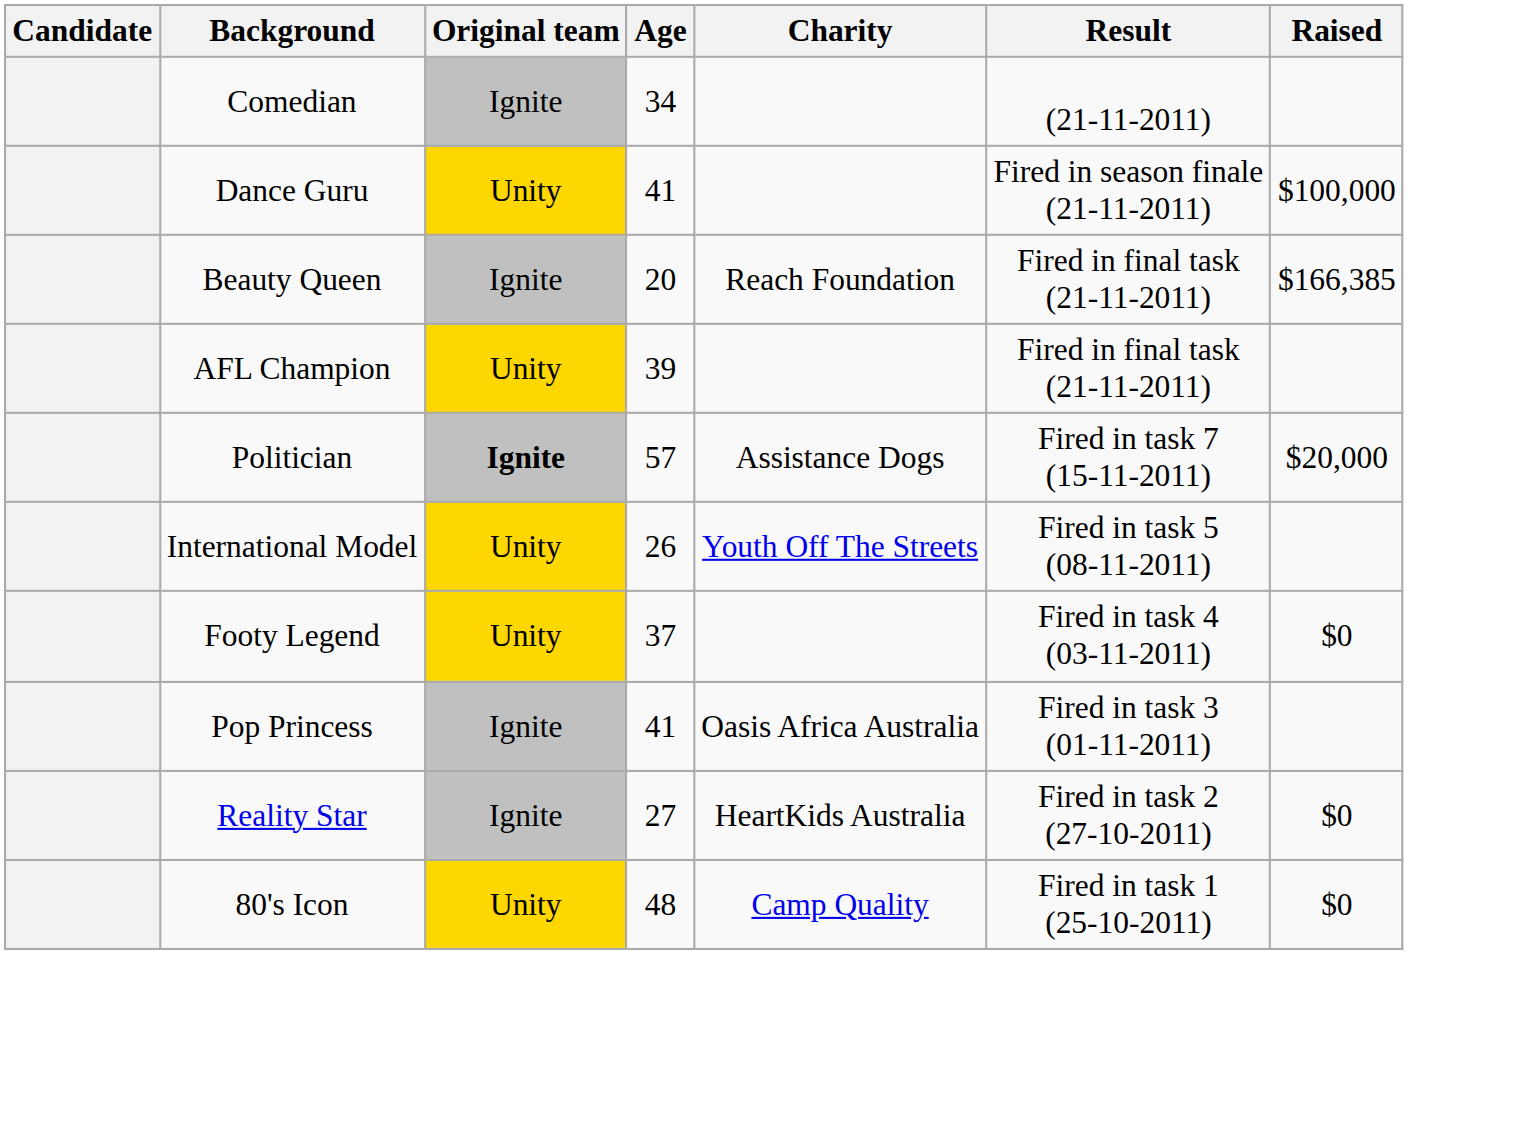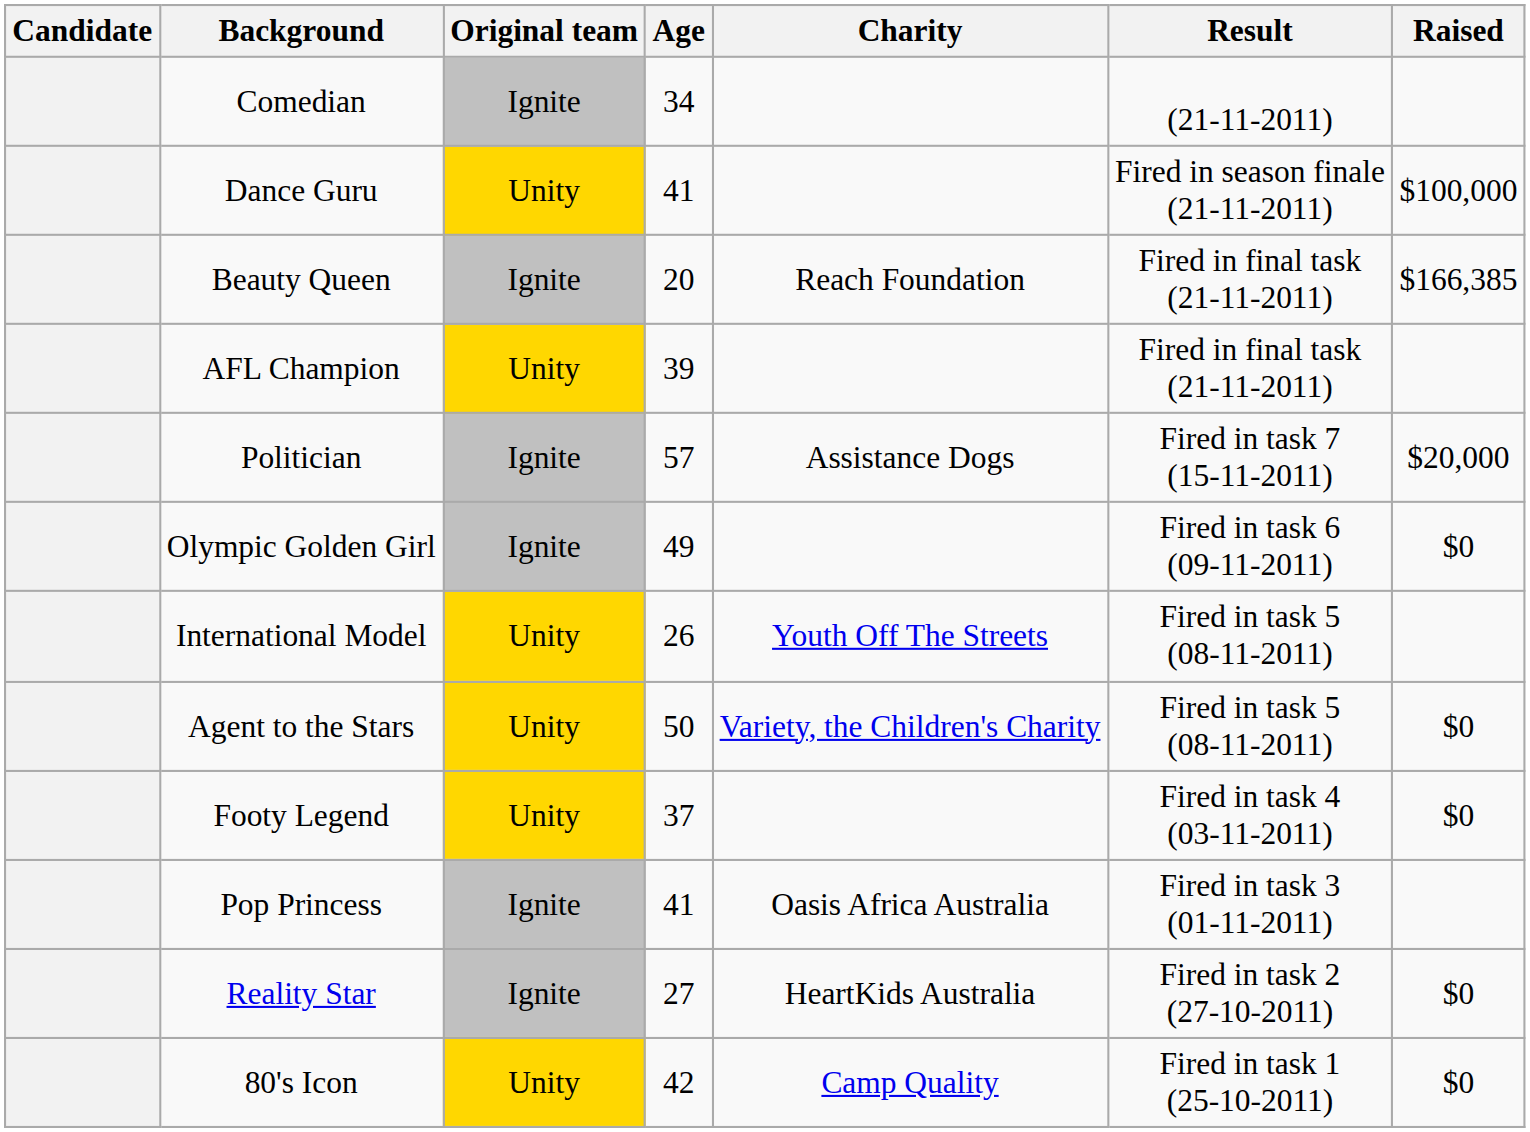 <table class= "wikitable" align=center border="2" cellpadding="3" cellspacing="0" style="text-align: center; font-size:95%">
 <tr>
 <th>Candidate</th>
 <th>Background</th>
 <th>Original team</th>
 <th><span>Age</span></th>
 <th>Charity</th>
 <th>Result</th>
 <th>Raised</th>
 </tr>
 <tr style="text-align:center;">
 <th scope="row"></th>
 <td>Comedian</td>
 <td style="text-align:center; background:silver;">Ignite</td>
 <td align="center">34</td>
 <td></td>
 <td><br>(21-11-2011)</td>
 <td align="center"></td>
 </tr>
 <tr style="text-align:center;">
 <th scope="row"></th>
 <td>Dance Guru</td>
 <td style="text-align:center; background:gold;">Unity</td>
 <td align="center">41</td>
 <td></td>
 <td>Fired in season finale<br>(21-11-2011)</td>
 <td align="center">$100,000</td>
 </tr>
 <tr style="text-align:center;">
 <th scope="row"></th>
 <td>Beauty Queen</td>
 <td style="text-align:center; background:silver;">Ignite</td>
 <td align="center">20</td>
 <td>Reach Foundation</td>
 <td>Fired in final task<br>(21-11-2011)</td>
 <td align="center">$166,385</td>
 </tr>
 <tr style="text-align:center;">
 <th scope="row"></th>
 <td>AFL Champion</td>
 <td style="text-align:center; background:gold;">Unity</td>
 <td align="center">39</td>
 <td></td>
 <td>Fired in final task<br>(21-11-2011)</td>
 <td align="center"></td>
 </tr>
 <tr style="text-align:center;">
 <th scope="row"></th>
 <td>Politician</td>
-<td style="text-align:center; background:silver;"><strong>Ignite</strong></td>
+<td style="text-align:center; background:silver;">Ignite</td>
 <td align="center">57</td>
 <td>Assistance Dogs</td>
 <td>Fired in task 7<br>(15-11-2011)</td>
 <td align="center">$20,000</td>
+</tr>
+<tr style="text-align:center;">
+<th scope="row"></th>
+<td>Olympic Golden Girl</td>
+<td style="text-align:center; background:silver;">Ignite</td>
+<td align="center">49</td>
+<td></td>
+<td>Fired in task 6<br>(09-11-2011)</td>
+<td align="center">$0</td>
 </tr>
 <tr style="text-align:center;">
 <th scope="row"></th>
 <td>International Model</td>
 <td style="text-align:center; background:gold;">Unity</td>
 <td align="center">26</td>
 <td><a href='#'>Youth Off The Streets</a></td>
 <td>Fired in task 5<br>(08-11-2011)</td>
 <td align="center"></td>
+</tr>
+<tr style="text-align:center;">
+<th scope="row"></th>
+<td>Agent to the Stars</td>
+<td style="text-align:center; background:gold;">Unity</td>
+<td align="center">50</td>
+<td><a href='#'>Variety, the Children's Charity</a></td>
+<td>Fired in task 5<br>(08-11-2011)</td>
+<td align="center">$0</td>
 </tr>
 <tr style="text-align:center;">
 <th scope="row"></th>
 <td>Footy Legend</td>
 <td style="text-align:center; background:gold;">Unity</td>
 <td align="center">37</td>
 <td></td>
 <td>Fired in task 4<br>(03-11-2011)</td>
 <td align="center">$0</td>
 </tr>
 <tr style="text-align:center;">
 <th scope="row"></th>
 <td>Pop Princess</td>
 <td style="text-align:center; background:silver;">Ignite</td>
 <td align="center">41</td>
 <td>Oasis Africa Australia</td>
 <td>Fired in task 3<br>(01-11-2011)</td>
 <td align="center"></td>
 </tr>
 <tr style="text-align:center;">
 <th scope="row"></th>
 <td><a href='#'>Reality Star</a></td>
 <td style="text-align:center; background:silver;">Ignite</td>
 <td align="center">27</td>
 <td>HeartKids Australia</td>
 <td>Fired in task 2<br>(27-10-2011)</td>
 <td align="center">$0</td>
 </tr>
 <tr style="text-align:center;">
 <th scope="row"></th>
 <td>80's Icon</td>
 <td style="text-align:center; background:gold;">Unity</td>
-<td align="center">48</td>
+<td align="center">42</td>
 <td><a href='#'>Camp Quality</a></td>
 <td>Fired in task 1<br>(25-10-2011)</td>
 <td align="center">$0</td>
 </tr>
 </table>
